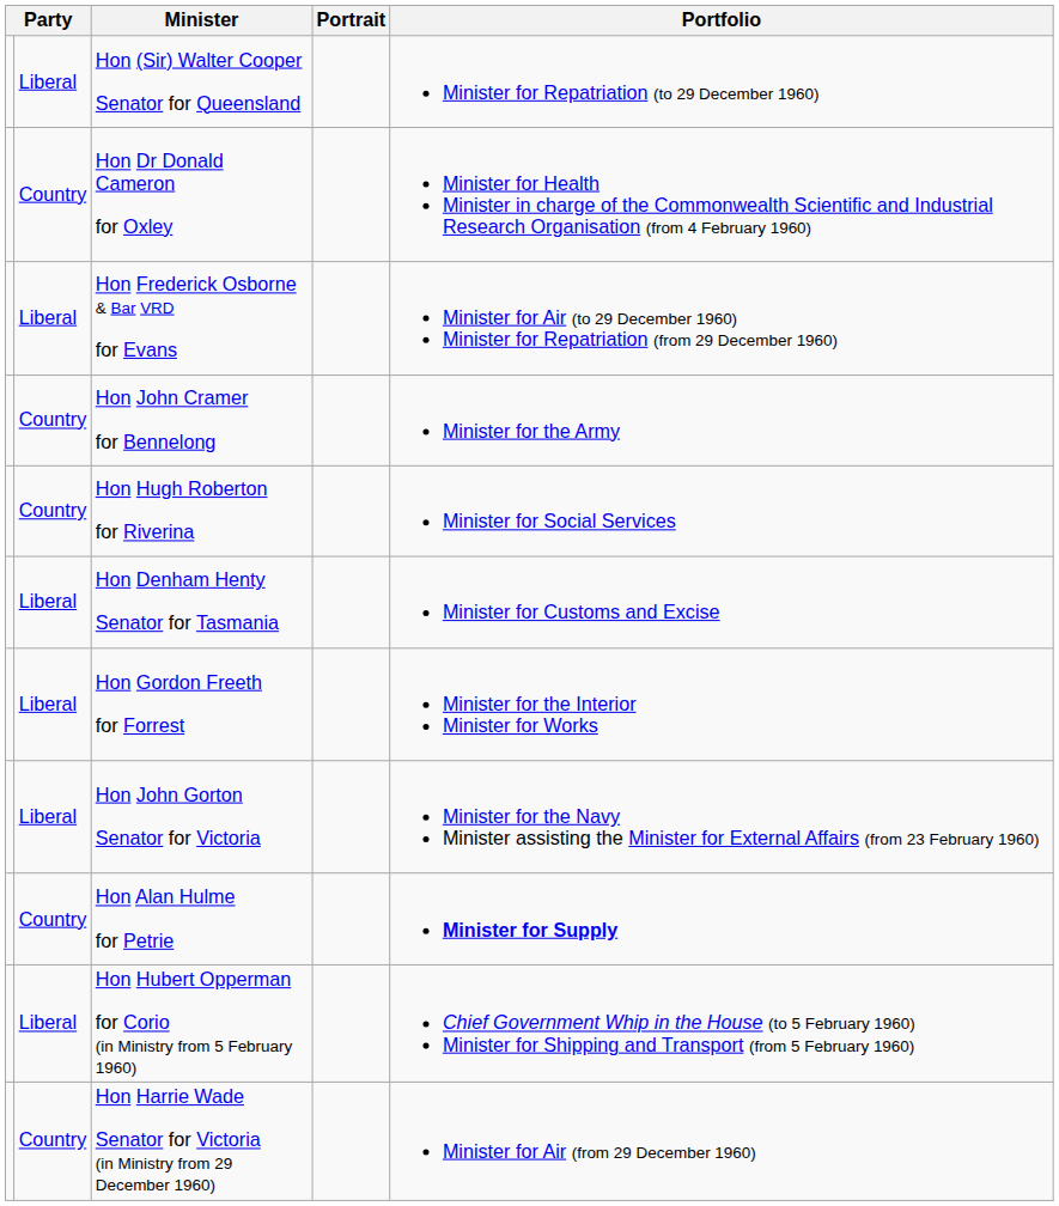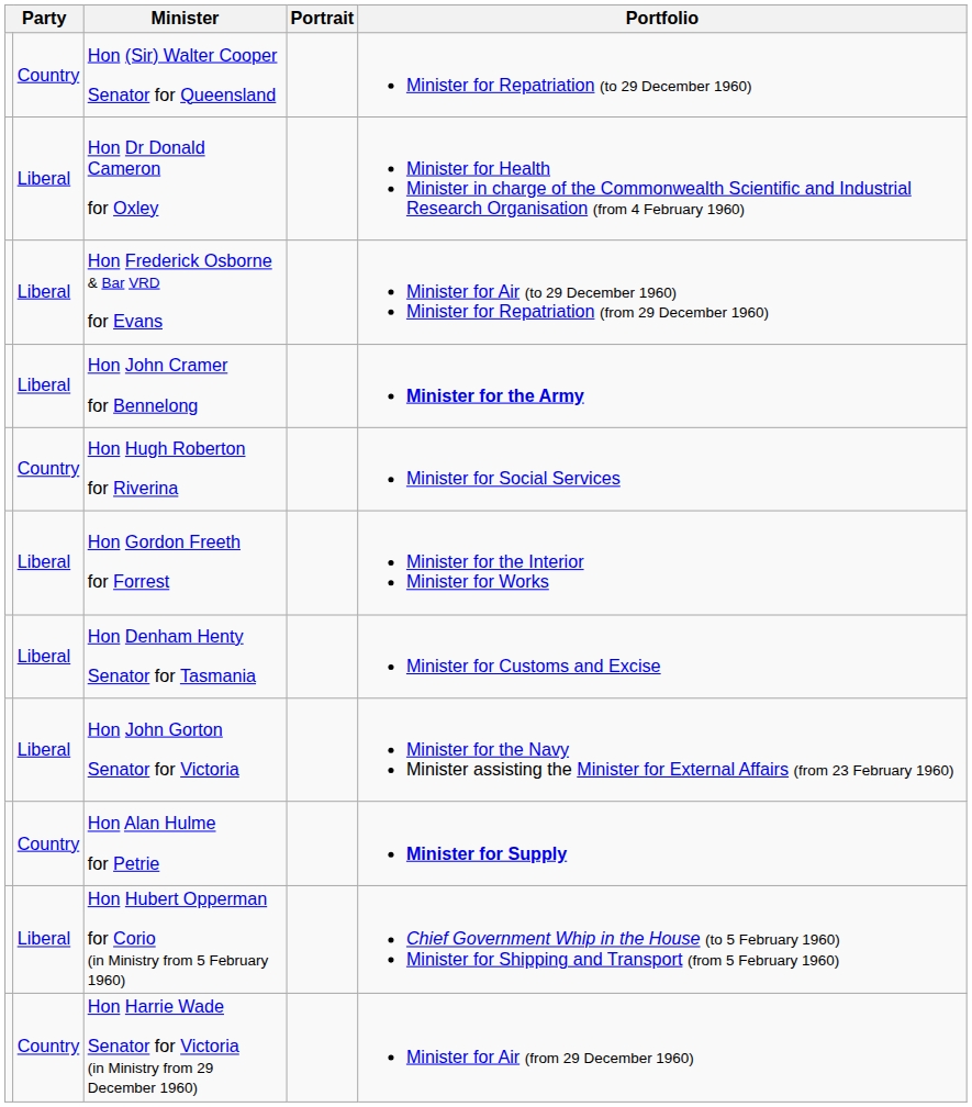 <table class="wikitable sortable">
 <tr>
 <th colspan="2">Party</th>
 <th>Minister</th>
 <th>Portrait</th>
 <th>Portfolio</th>
 </tr>
 <tr>
 <td></td>
-<td><a href='#'>Liberal</a></td>
+<td><a href='#'>Country</a></td>
 <td><a href='#'>Hon</a> <a href='#'>(Sir) Walter Cooper</a>  <br><br><a href='#'>Senator</a> for <a href='#'>Queensland</a> <br></td>
 <td></td>
 <td><br><ul><li><a href='#'>Minister for Repatriation</a> <small>(to 29 December 1960)</small></li></ul></td>
 </tr>
 <tr>
 <td></td>
-<td><a href='#'>Country</a></td>
+<td><a href='#'>Liberal</a></td>
 <td><a href='#'>Hon</a> <a href='#'>Dr Donald Cameron</a>  <br><br> for <a href='#'>Oxley</a> <br></td>
 <td></td>
 <td><br><ul><li><a href='#'>Minister for Health</a></li><li><a href='#'>Minister in charge of the Commonwealth Scientific and Industrial Research Organisation</a> <small>(from 4 February 1960)</small></li></ul></td>
 </tr>
 <tr>
 <td></td>
 <td><a href='#'>Liberal</a></td>
 <td><a href='#'>Hon</a> <a href='#'>Frederick Osborne</a>  <small>& <a href='#'>Bar</a> <a href='#'>VRD</a></small> <br><br> for <a href='#'>Evans</a> <br></td>
 <td></td>
 <td><br><ul><li><a href='#'>Minister for Air</a> <small>(to 29 December 1960)</small></li><li><a href='#'>Minister for Repatriation</a> <small>(from 29 December 1960)</small></li></ul></td>
 </tr>
 <tr>
 <td></td>
-<td><a href='#'>Country</a></td>
+<td><a href='#'>Liberal</a></td>
 <td><a href='#'>Hon</a> <a href='#'>John Cramer</a> <br><br> for <a href='#'>Bennelong</a> <br></td>
 <td></td>
-<td><br><ul><li><a href='#'>Minister for the Army</a></li></ul></td>
+<td><strong><br><ul><li><a href='#'>Minister for the Army</a></li></ul></strong></td>
 </tr>
 <tr>
 <td></td>
 <td><a href='#'>Country</a></td>
 <td><a href='#'>Hon</a> <a href='#'>Hugh Roberton</a> <br><br> for <a href='#'>Riverina</a> <br></td>
 <td></td>
 <td><br><ul><li><a href='#'>Minister for Social Services</a></li></ul></td>
 </tr>
 <tr>
 <td></td>
 <td><a href='#'>Liberal</a></td>
-<td><a href='#'>Hon</a> <a href='#'>Denham Henty</a> <br><br><a href='#'>Senator</a> for <a href='#'>Tasmania</a> <br></td>
+<td><a href='#'>Hon</a> <a href='#'>Gordon Freeth</a> <br><br> for <a href='#'>Forrest</a> <br></td>
 <td></td>
-<td><br><ul><li><a href='#'>Minister for Customs and Excise</a></li></ul></td>
+<td><br><ul><li><a href='#'>Minister for the Interior</a></li><li><a href='#'>Minister for Works</a></li></ul></td>
 </tr>
 <tr>
 <td></td>
 <td><a href='#'>Liberal</a></td>
-<td><a href='#'>Hon</a> <a href='#'>Gordon Freeth</a> <br><br> for <a href='#'>Forrest</a> <br></td>
+<td><a href='#'>Hon</a> <a href='#'>Denham Henty</a> <br><br><a href='#'>Senator</a> for <a href='#'>Tasmania</a> <br></td>
 <td></td>
-<td><br><ul><li><a href='#'>Minister for the Interior</a></li><li><a href='#'>Minister for Works</a></li></ul></td>
+<td><br><ul><li><a href='#'>Minister for Customs and Excise</a></li></ul></td>
 </tr>
 <tr>
 <td></td>
 <td><a href='#'>Liberal</a></td>
 <td><a href='#'>Hon</a> <a href='#'>John Gorton</a> <br><br><a href='#'>Senator</a> for <a href='#'>Victoria</a> <br></td>
 <td></td>
 <td><br><ul><li><a href='#'>Minister for the Navy</a></li><li>Minister assisting the <a href='#'>Minister for External Affairs</a> <small>(from 23 February 1960)</small></li></ul></td>
 </tr>
 <tr>
 <td></td>
 <td><a href='#'>Country</a></td>
 <td><a href='#'>Hon</a> <a href='#'>Alan Hulme</a> <br><br> for <a href='#'>Petrie</a> <br></td>
 <td></td>
 <td><strong><br><ul><li><a href='#'>Minister for Supply</a></li></ul></strong></td>
 </tr>
 <tr>
 <td></td>
 <td><a href='#'>Liberal</a></td>
 <td><a href='#'>Hon</a> <a href='#'>Hubert Opperman</a>  <br><br> for <a href='#'>Corio</a> <br> <small>(in Ministry from 5 February 1960)</small></td>
 <td></td>
 <td><br><ul><li><em><a href='#'>Chief Government Whip in the House</a></em> <small>(to 5 February 1960)</small></li><li><a href='#'>Minister for Shipping and Transport</a> <small>(from 5 February 1960)</small></li></ul></td>
 </tr>
 <tr>
 <td></td>
 <td><a href='#'>Country</a></td>
 <td><a href='#'>Hon</a> <a href='#'>Harrie Wade</a>  <br><br><a href='#'>Senator</a> for <a href='#'>Victoria</a> <br> <small>(in Ministry from 29 December 1960)</small></td>
 <td></td>
 <td><br><ul><li><a href='#'>Minister for Air</a> <small>(from 29 December 1960)</small></li></ul></td>
 </tr>
 </table>
